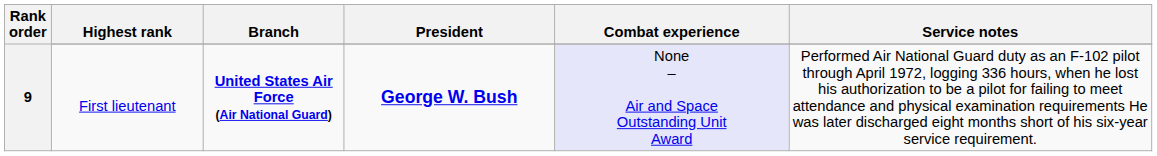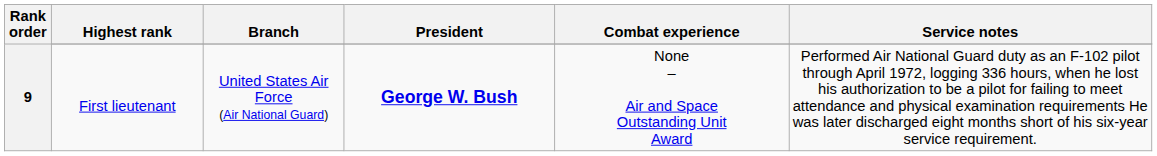 <table class=wikitable style="text-align:center;">
 <tr style="vertical-align:bottom;">
 <th width="4%">Rank order</th>
 <th width="13%">Highest rank</th>
 <th width="12%">Branch</th>
 <th width="18%">President</th>
 <th width="20%">Combat experience</th>
 <th width="31%">Service notes</th>
 </tr>
 <tr>
 <th rowspan=3>9</th>
 </tr>
 <tr>
 <td><br><a href='#'>First lieutenant</a></td>
-<td><strong> <a href='#'>United States Air Force</a><br><small>(<a href='#'>Air National Guard</a>)</small></strong></td>
+<td> <a href='#'>United States Air Force</a><br><small>(<a href='#'>Air National Guard</a>)</small></td>
 <td><big><strong><a href='#'>George W. Bush</a></strong></big></td>
-<td style="background: lavender;">None<br>–<br><br><a href='#'>Air and Space<br> Outstanding Unit<br>Award</a></td>
+<td>None<br>–<br><br><a href='#'>Air and Space<br> Outstanding Unit<br>Award</a></td>
 <td>Performed Air National Guard duty as an F-102 pilot through April 1972, logging 336 hours, when he lost his authorization to be a pilot for failing to meet attendance and physical examination requirements He was later discharged eight months short of his six-year service requirement.</td>
 </tr>
 </table>
